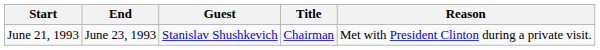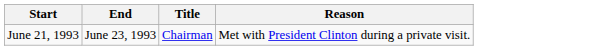 <table class="wikitable sortable">
 <tr>
 <th>Start</th>
 <th>End</th>
-<th>Guest</th>
 <th>Title</th>
 <th>Reason</th>
 </tr>
 <tr>
 <td>June 21, 1993</td>
 <td>June 23, 1993</td>
-<td><a href='#'>Stanislav Shushkevich</a></td>
 <td><a href='#'>Chairman</a></td>
 <td>Met with <a href='#'>President Clinton</a> during a private visit.</td>
 </tr>
 </table>
